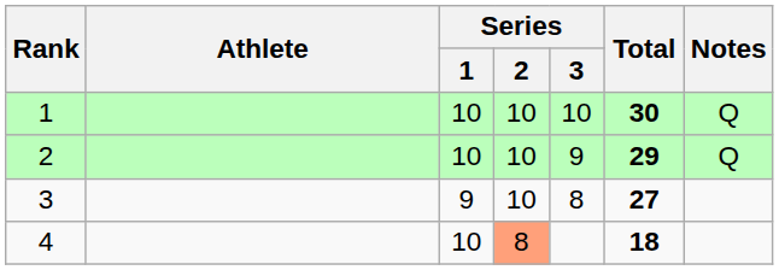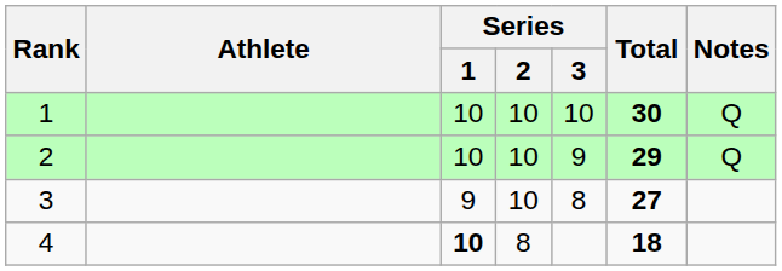 <table class="wikitable" style="text-align:center">
 <tr>
 <th rowspan=2 width=40>Rank</th>
 <th rowspan=2 width=200>Athlete</th>
 <th colspan=3>Series</th>
 <th rowspan=2 width=40>Total</th>
 <th rowspan=2 width=40>Notes</th>
 </tr>
 <tr>
 <th width=25>1</th>
 <th width=25>2</th>
 <th width=25>3</th>
 </tr>
 <tr bgcolor=bbffbb>
 <td>1</td>
 <td align=left></td>
 <td>10</td>
 <td>10</td>
 <td>10</td>
 <td><strong>30</strong></td>
 <td>Q</td>
 </tr>
 <tr bgcolor=bbffbb>
 <td>2</td>
 <td align=left></td>
 <td>10</td>
 <td>10</td>
 <td>9</td>
 <td><strong>29</strong></td>
 <td>Q</td>
 </tr>
 <tr>
 <td>3</td>
 <td align=left></td>
 <td>9</td>
 <td>10</td>
 <td>8</td>
 <td><strong>27</strong></td>
 <td></td>
 </tr>
 <tr>
 <td>4</td>
 <td align=left></td>
-<td>10</td>
-<td style="background: lightsalmon;">8</td>
+<td><strong>10</strong></td>
+<td>8</td>
 <td></td>
 <td><strong>18</strong></td>
 <td></td>
 </tr>
 </table>
